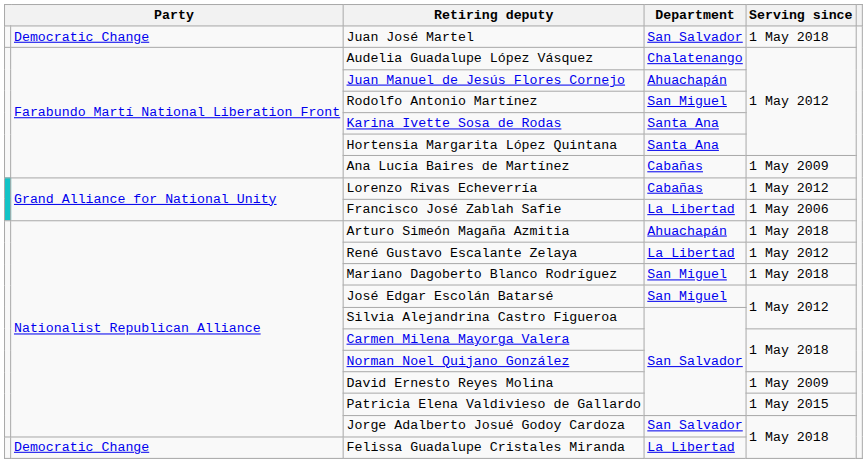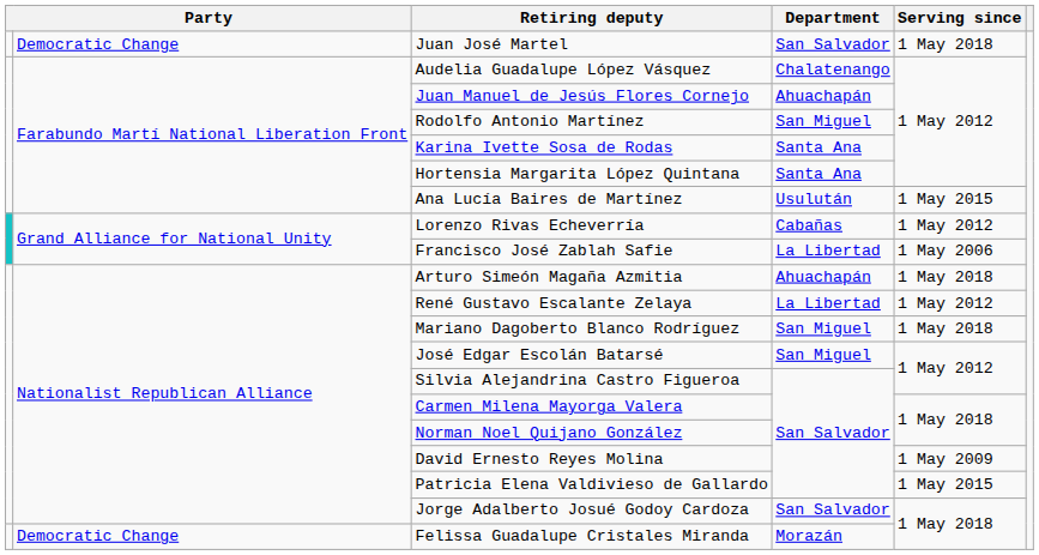 <table class="wikitable sortable">
 <tr>
 <th colspan="2">Party</th>
 <th>Retiring deputy</th>
 <th>Department</th>
 <th>Serving since</th>
 <th class="unsortable"></th>
 </tr>
 <tr>
 <td style="background-color:"></td>
 <td><a href='#'>Democratic Change</a></td>
 <td data-sort-value="Martel, Juan Jose">Juan José Martel</td>
 <td data-sort-value="San Salvador"><a href='#'>San Salvador</a></td>
 <td data-sort-value="2018-05-01">1 May 2018</td>
 <td rowspan="20" style="text-align:center"></td>
 </tr>
 <tr>
 <td rowspan="6" style="background-color:"></td>
 <td rowspan="6"><a href='#'>Farabundo Martí National Liberation Front</a></td>
 <td data-sort-value="Lopez Vasquez, Audelia Guadalupe">Audelia Guadalupe López Vásquez</td>
 <td data-sort-value="Chalatenango"><a href='#'>Chalatenango</a></td>
 <td rowspan="5" data-sort-value="2012-05-01">1 May 2012</td>
 </tr>
 <tr>
 <td data-sort-value="Flores Cornejo, Juan Manuel de Jesus"><a href='#'>Juan Manuel de Jesús Flores Cornejo</a></td>
 <td data-sort-value="Ahuachapan"><a href='#'>Ahuachapán</a></td>
 </tr>
 <tr>
 <td data-sort-value="Martinez, Rodolfo Antonio">Rodolfo Antonio Martínez</td>
 <td data-sort-value="San Miguel"><a href='#'>San Miguel</a></td>
 </tr>
 <tr>
 <td data-sort-value="Sosa de Rodas, Karina Ivette"><a href='#'>Karina Ivette Sosa de Rodas</a></td>
 <td data-sort-value="Santa Ana"><a href='#'>Santa Ana</a></td>
 </tr>
 <tr>
 <td data-sort-value="Lopez Quintana, Hortensia Margarita">Hortensia Margarita López Quintana</td>
 <td data-sort-value="Santa Ana"><a href='#'>Santa Ana</a></td>
 </tr>
 <tr>
 <td data-sort-value="Baires de Martinez, Ana Lucia">Ana Lucía Baires de Martínez</td>
-<td data-sort-value="Cabanas"><a href='#'>Cabañas</a></td>
-<td data-sort-value="2009-05-01">1 May 2009</td>
+<td data-sort-value="Usulutan"><a href='#'>Usulután</a></td>
+<td data-sort-value="2015-05-01">1 May 2015</td>
 </tr>
 <tr>
 <td rowspan="2" style="background-color:#13C3C6"></td>
 <td rowspan="2"><a href='#'>Grand Alliance for National Unity</a></td>
 <td data-sort-value="Zablah Safie, Francisco Jose">Lorenzo Rivas Echeverría</td>
 <td data-sort-value="Cabanas"><a href='#'>Cabañas</a></td>
 <td data-sort-value="2012-05-01">1 May 2012</td>
 </tr>
 <tr>
 <td data-sort-value="Zablah Safie, Francisco Jose">Francisco José Zablah Safie</td>
 <td data-sort-value="La Libertad"><a href='#'>La Libertad</a></td>
 <td data-sort-value="2006-05-01">1 May 2006</td>
 </tr>
 <tr>
 <td rowspan="10" style="background-color:"></td>
 <td rowspan="10"><a href='#'>Nationalist Republican Alliance</a></td>
 <td data-sort-value="Magana Azmitia, Arturo Simeon">Arturo Simeón Magaña Azmitia</td>
 <td data-sort-value="Ahuachapan"><a href='#'>Ahuachapán</a></td>
 <td data-sort-value="2018-05-01">1 May 2018</td>
 </tr>
 <tr>
 <td data-sort-value="Escalante Zelaya, Rene Gustavo">René Gustavo Escalante Zelaya</td>
 <td data-sort-value="La Libertad"><a href='#'>La Libertad</a></td>
 <td data-sort-value="2012-05-01">1 May 2012</td>
 </tr>
 <tr>
 <td data-sort-value="Blanco Rodriguez, Mariano Dagoberto">Mariano Dagoberto Blanco Rodríguez</td>
 <td data-sort-value="San Miguel"><a href='#'>San Miguel</a></td>
 <td data-sort-value="2018-05-01">1 May 2018</td>
 </tr>
 <tr>
 <td data-sort-value="Escalon Batarse, Jose Edgar">José Edgar Escolán Batarsé</td>
 <td data-sort-value="San Miguel"><a href='#'>San Miguel</a></td>
 <td rowspan="2" data-sort-value="2012-05-01">1 May 2012</td>
 </tr>
 <tr>
 <td data-sort-value="Castro Figueroa, Silvia Alejandrina">Silvia Alejandrina Castro Figueroa</td>
 <td rowspan="5" data-sort-value="San Salvador"><a href='#'>San Salvador</a></td>
 </tr>
 <tr>
 <td data-sort-value="Mayorga Valera, Carmen Milena"><a href='#'>Carmen Milena Mayorga Valera</a></td>
 <td rowspan="2" data-sort-value="2018-05-01">1 May 2018</td>
 </tr>
 <tr>
 <td data-sort-value="Quijano Gonzalez, Norman Noel"><a href='#'>Norman Noel Quijano González</a></td>
 </tr>
 <tr>
 <td data-sort-value="Reyes Molina, David Ernesto">David Ernesto Reyes Molina</td>
 <td data-sort-value="2009-05-01">1 May 2009</td>
 </tr>
 <tr>
 <td data-sort-value="Valdivieso de Gallardo, Patricia Elena">Patricia Elena Valdivieso de Gallardo</td>
 <td data-sort-value="2015-05-01">1 May 2015</td>
 </tr>
 <tr>
 <td data-sort-value="Godoy Cardoza, Jorge Adalberto Josue">Jorge Adalberto Josué Godoy Cardoza</td>
 <td data-sort-value="San Salvador"><a href='#'>San Salvador</a></td>
 <td rowspan="2" data-sort-value="2018-05-01">1 May 2018</td>
 </tr>
 <tr>
 <td style="background-color:"></td>
 <td><a href='#'>Democratic Change</a></td>
 <td data-sort-value="Cristales Miranda, Felissa Guadalupe">Felissa Guadalupe Cristales Miranda</td>
-<td data-sort-value="La Libertad"><a href='#'>La Libertad</a></td>
+<td data-sort-value="Morazán"><a href='#'>Morazán</a></td>
 </tr>
 </table>
